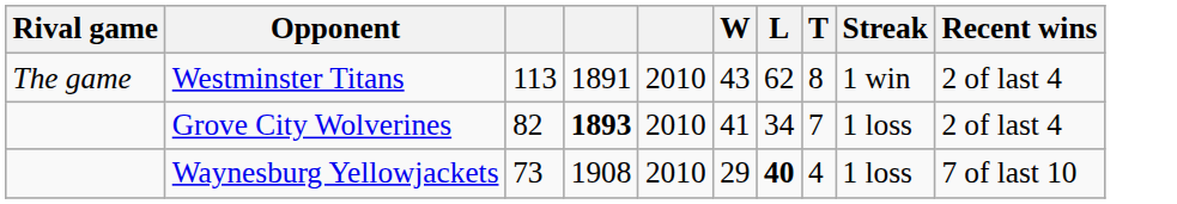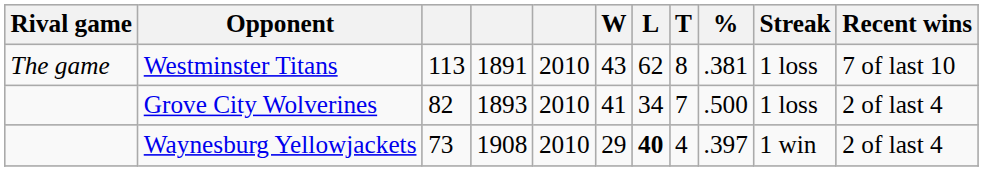 <table class= "wikitable sortable">
 <tr>
 <th width=px>Rival game</th>
 <th width=px>Opponent</th>
 <th width=px></th>
 <th width=px></th>
 <th width=px></th>
 <th width=px>W</th>
 <th width=px>L</th>
 <th width=px>T</th>
+<th width=px>%</th>
 <th width=px>Streak</th>
 <th width=px>Recent wins</th>
 </tr>
 <tr>
 <td><em>The game</em></td>
 <td><a href='#'>Westminster Titans</a></td>
 <td>113</td>
 <td>1891</td>
 <td>2010</td>
 <td>43</td>
 <td>62</td>
 <td>8</td>
-<td>1 win</td>
-<td>2 of last 4</td>
+<td>.381</td>
+<td>1 loss</td>
+<td>7 of last 10</td>
 </tr>
 <tr>
 <td></td>
 <td><a href='#'>Grove City Wolverines</a></td>
 <td>82</td>
-<td><strong>1893</strong></td>
+<td>1893</td>
 <td>2010</td>
 <td>41</td>
 <td>34</td>
 <td>7</td>
+<td>.500</td>
 <td>1 loss</td>
 <td>2 of last 4</td>
 </tr>
 <tr>
 <td></td>
 <td><a href='#'>Waynesburg Yellowjackets</a></td>
 <td>73</td>
 <td>1908</td>
 <td>2010</td>
 <td>29</td>
 <td><strong>40</strong></td>
 <td>4</td>
-<td>1 loss</td>
-<td>7 of last 10</td>
+<td>.397</td>
+<td>1 win</td>
+<td>2 of last 4</td>
 </tr>
 </table>
